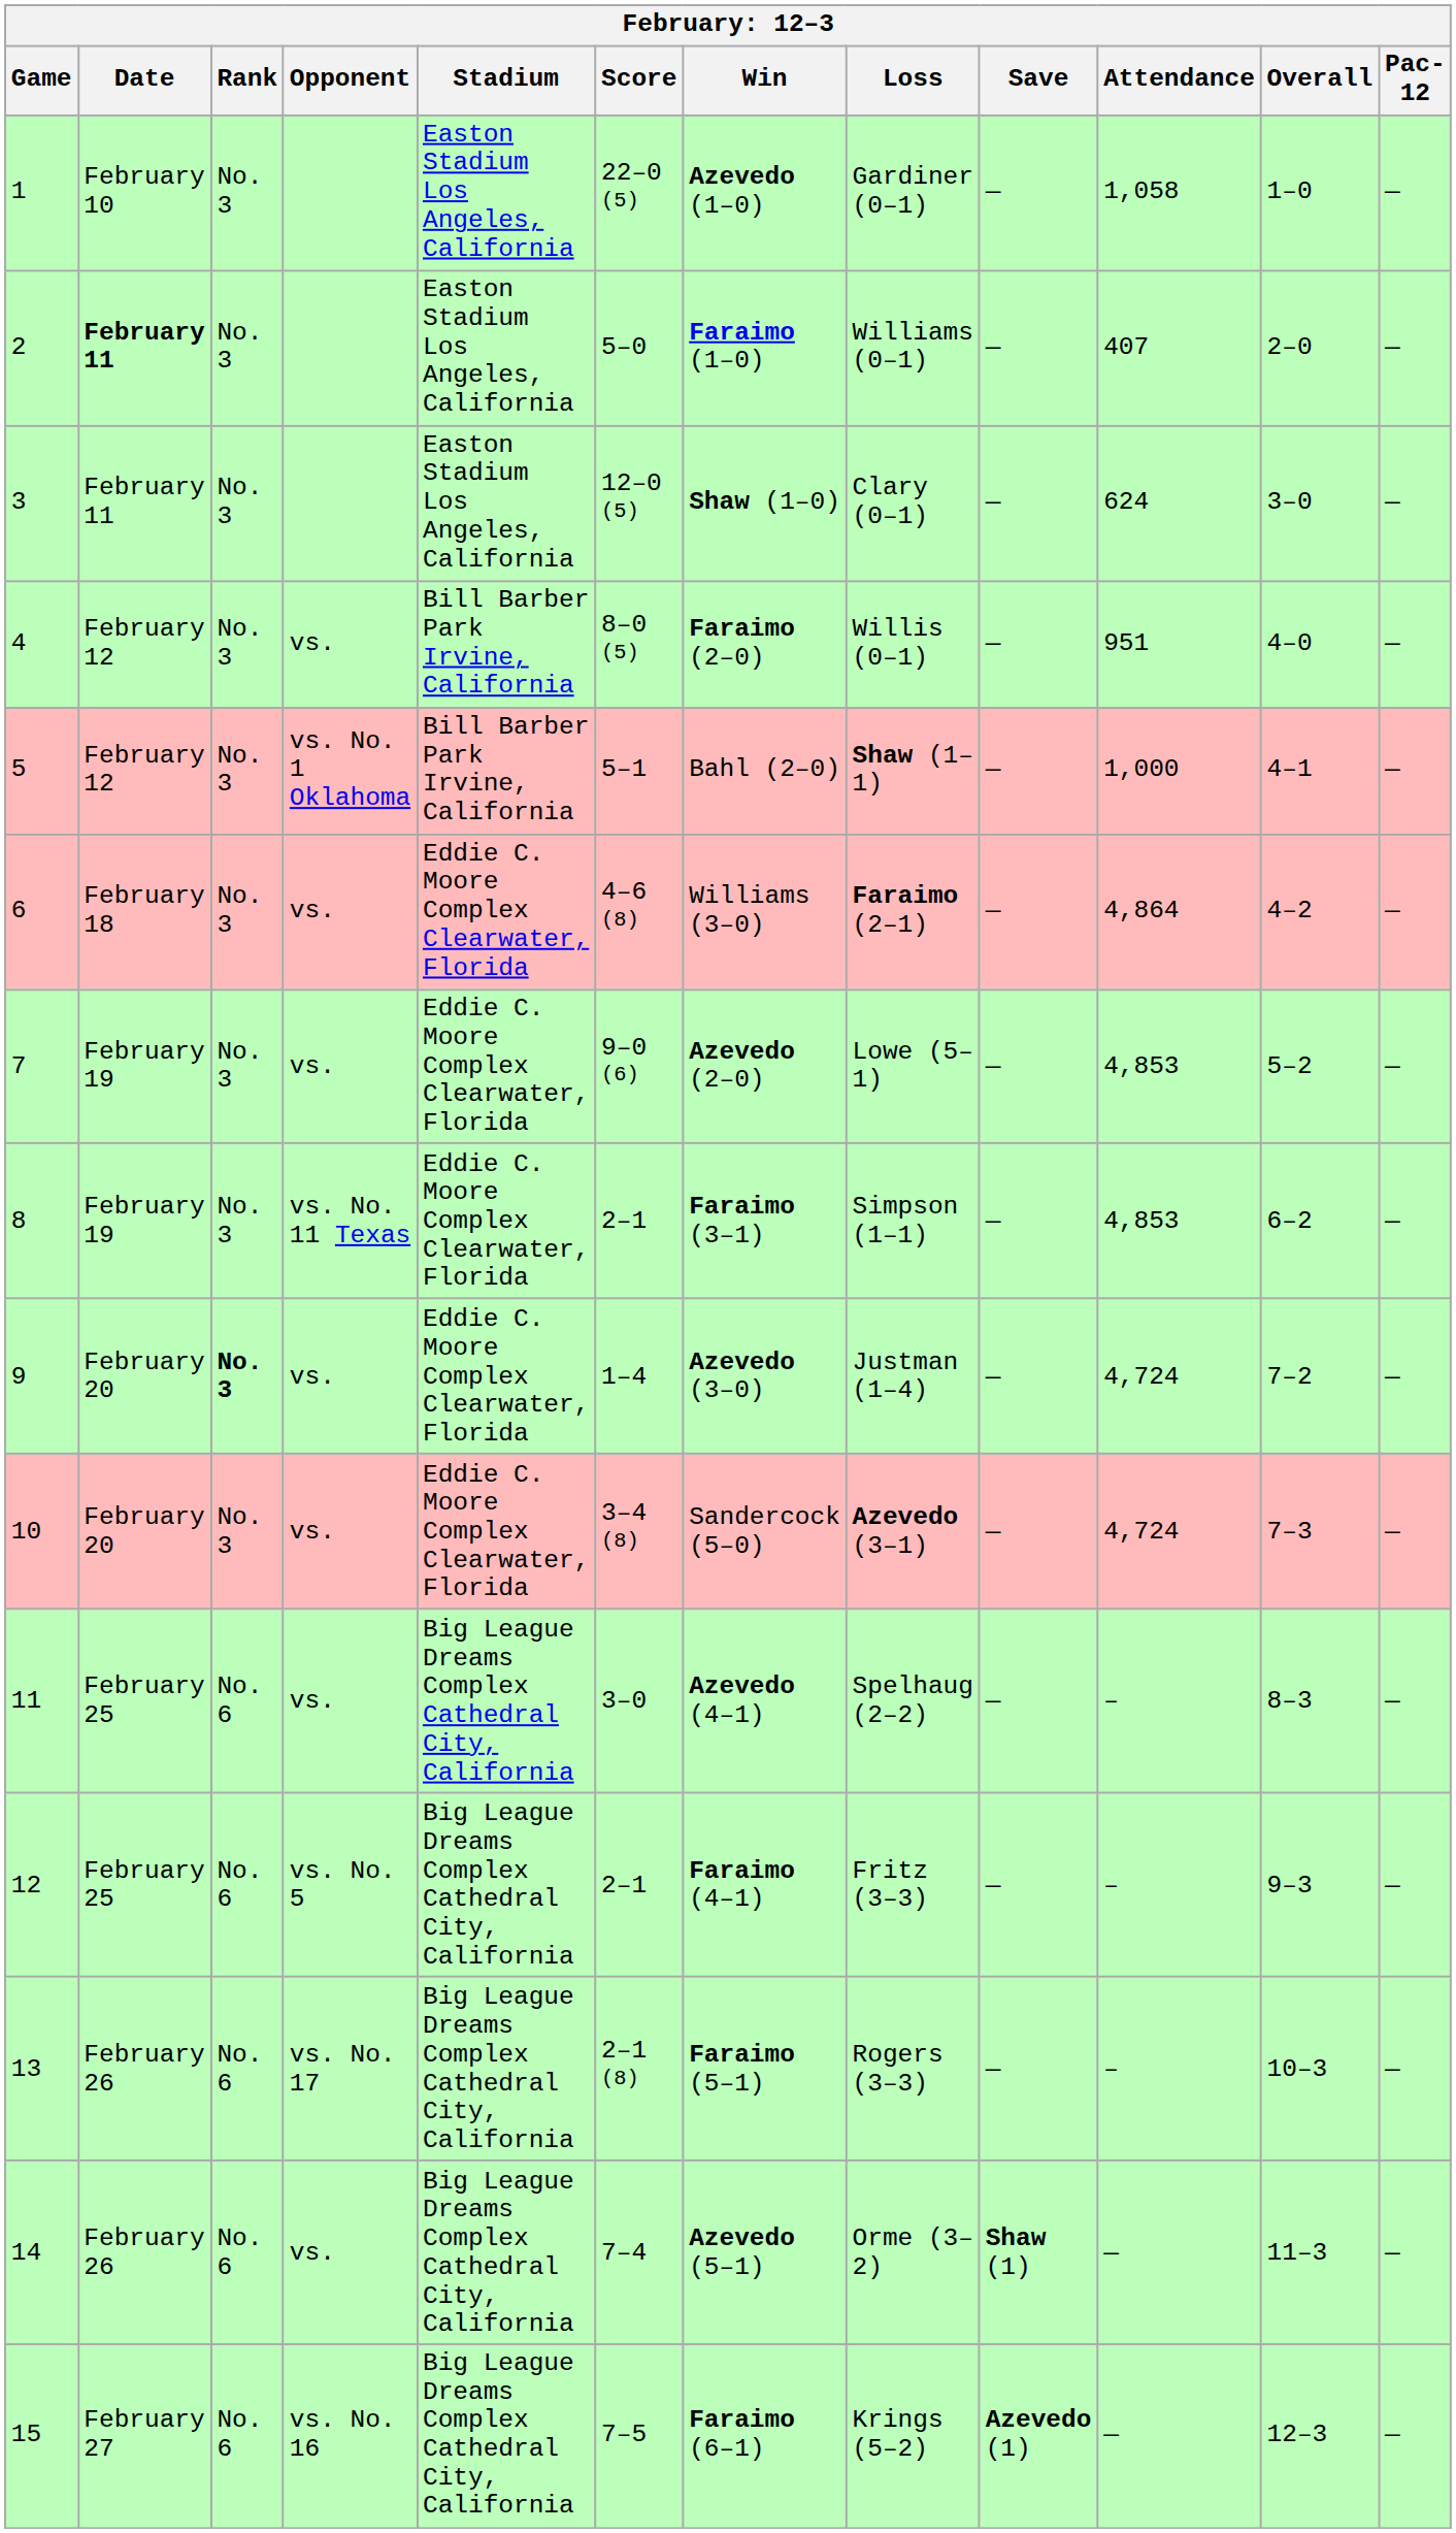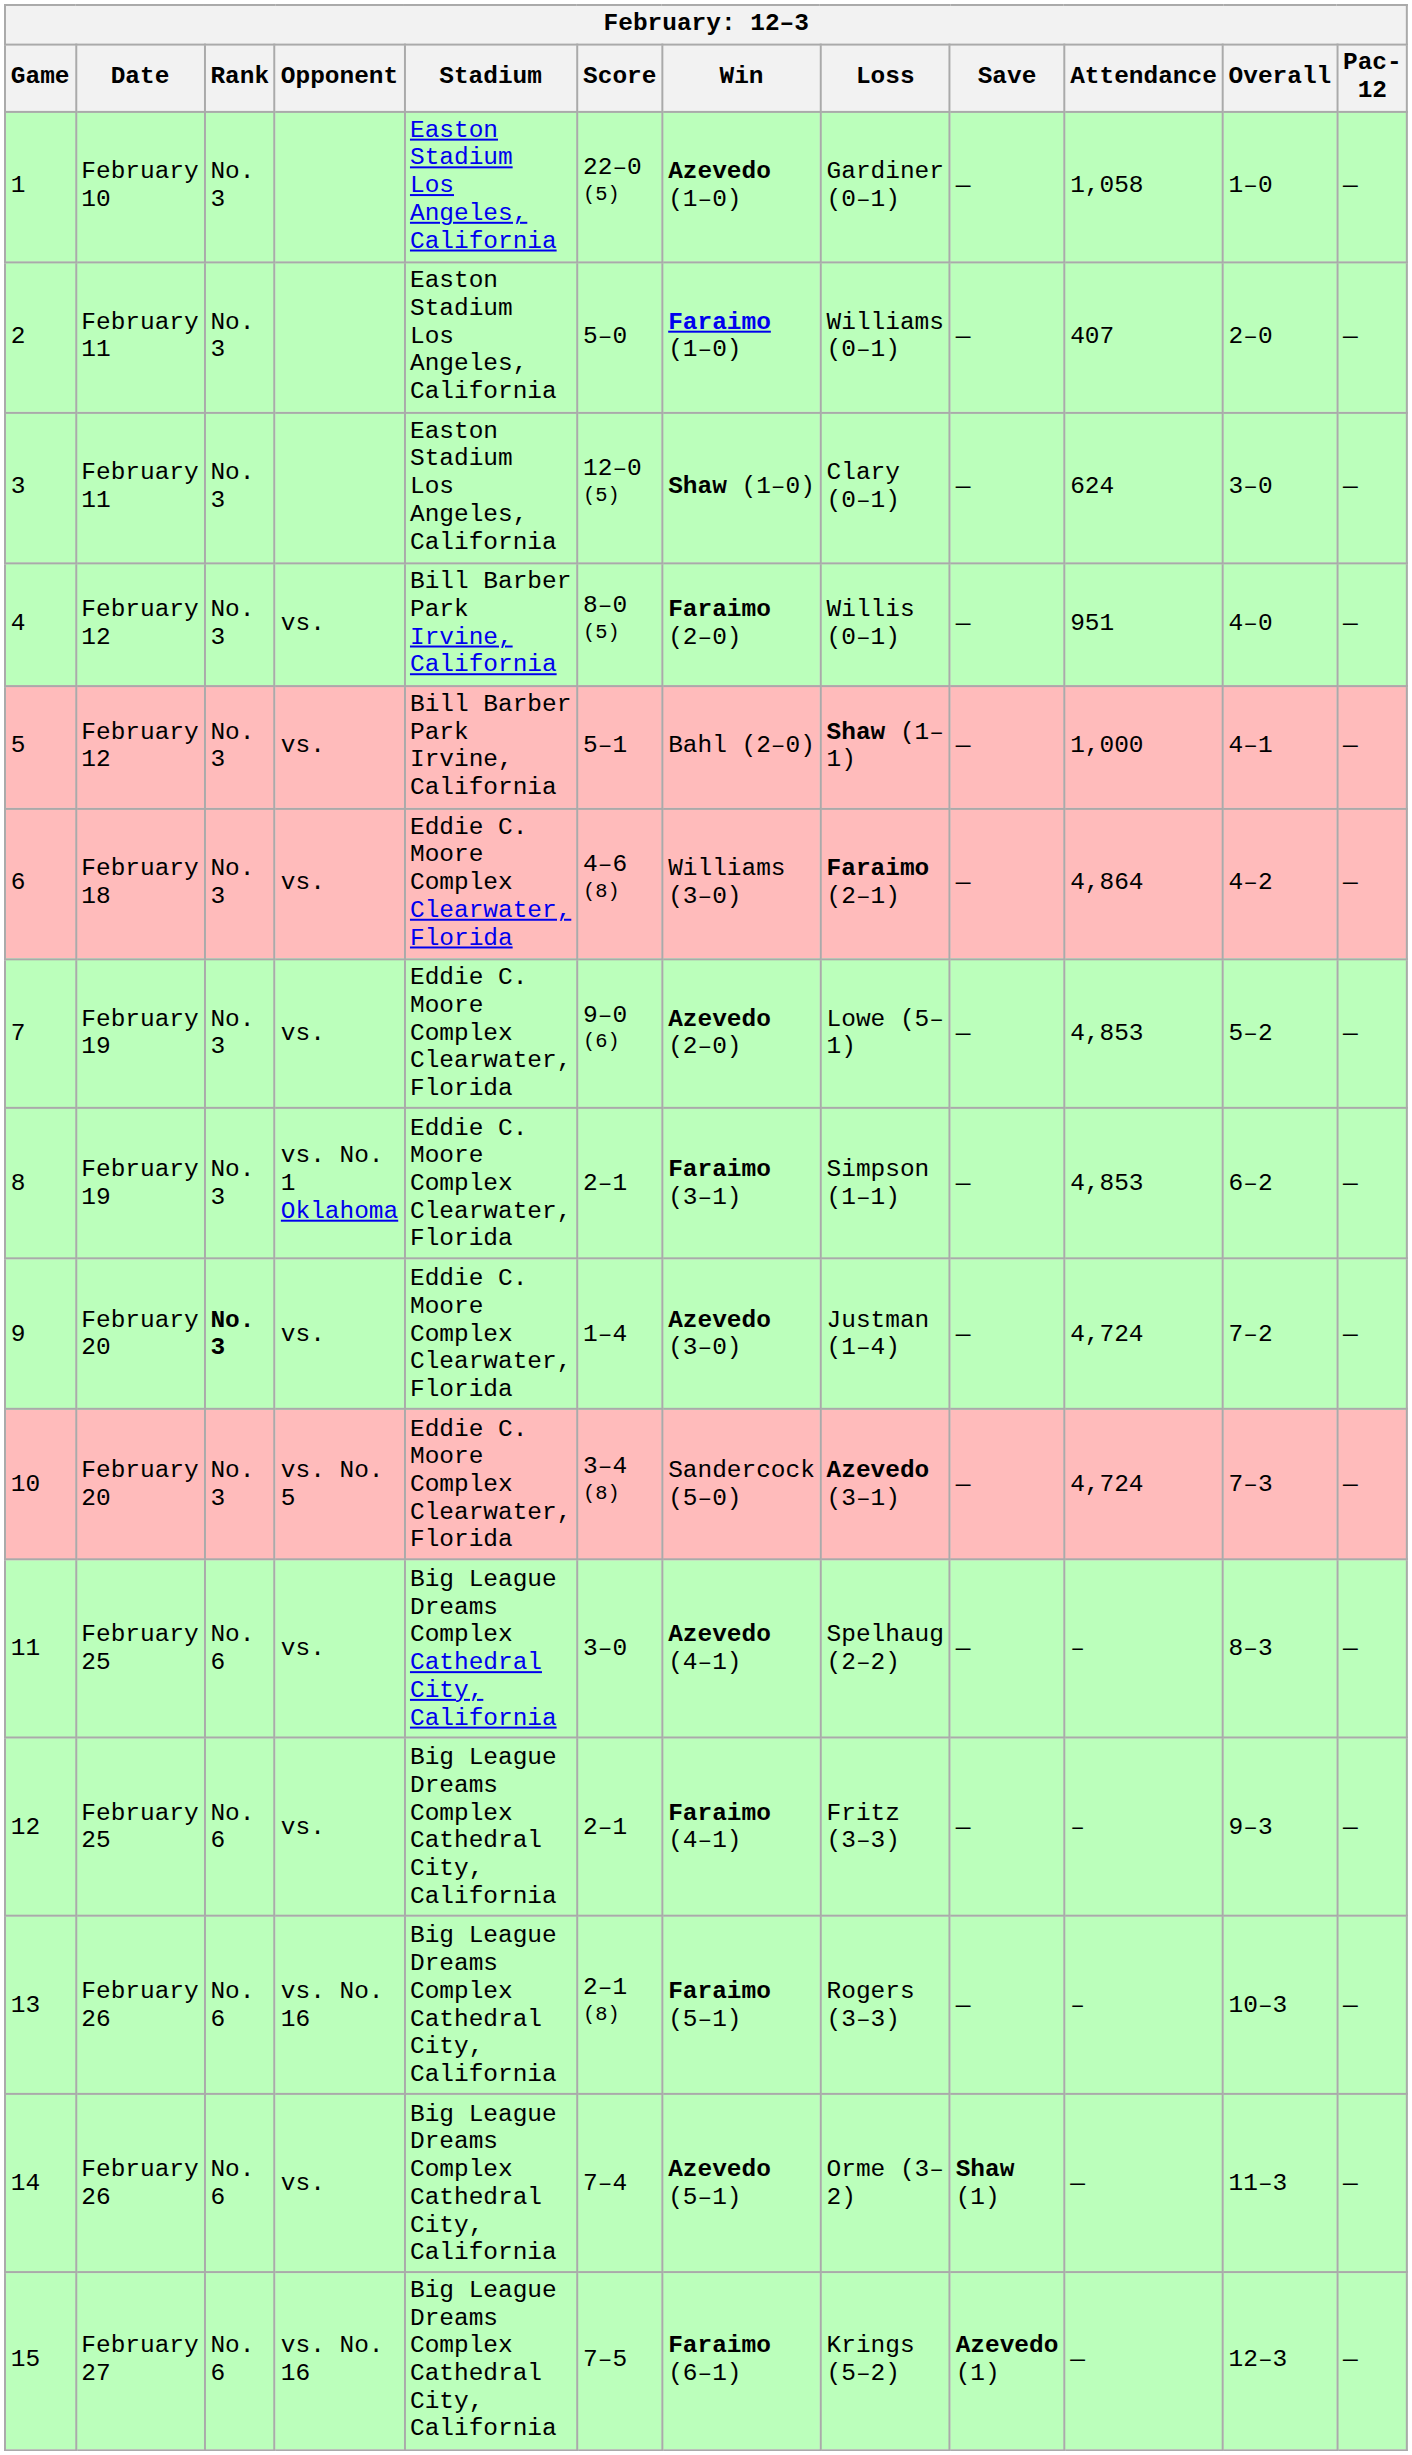 <table class="wikitable collapsible collapsed" style="margin:auto; font-size:95%; width:100%">
 <tr>
 <th colspan=12>February: 12–3</th>
 </tr>
 <tr>
 <th>Game</th>
 <th>Date</th>
 <th>Rank</th>
 <th>Opponent</th>
 <th>Stadium</th>
 <th>Score</th>
 <th>Win</th>
 <th>Loss</th>
 <th>Save</th>
 <th>Attendance</th>
 <th>Overall</th>
 <th>Pac-12</th>
 </tr>
 <tr style="background:#bfb;">
 <td>1</td>
 <td>February 10</td>
 <td>No. 3</td>
 <td></td>
 <td><a href='#'>Easton Stadium</a><br><a href='#'>Los Angeles, California</a></td>
 <td>22–0 <sup>(5)</sup></td>
 <td><strong>Azevedo</strong> (1–0)</td>
 <td>Gardiner (0–1)</td>
 <td>—</td>
 <td>1,058</td>
 <td>1–0</td>
 <td>—</td>
 </tr>
 <tr style="background:#bfb;">
 <td>2</td>
-<td><strong>February 11</strong></td>
+<td>February 11</td>
 <td>No. 3</td>
 <td></td>
 <td>Easton Stadium<br>Los Angeles, California</td>
 <td>5–0</td>
 <td><strong><a href='#'>Faraimo</a></strong> (1–0)</td>
 <td>Williams (0–1)</td>
 <td>—</td>
 <td>407</td>
 <td>2–0</td>
 <td>—</td>
 </tr>
 <tr style="background:#bfb;">
 <td>3</td>
 <td>February 11</td>
 <td>No. 3</td>
 <td></td>
 <td>Easton Stadium<br>Los Angeles, California</td>
 <td>12–0 <sup>(5)</sup></td>
 <td><strong>Shaw</strong> (1–0)</td>
 <td>Clary (0–1)</td>
 <td>—</td>
 <td>624</td>
 <td>3–0</td>
 <td>—</td>
 </tr>
 <tr style="background:#bfb;">
 <td>4</td>
 <td>February 12</td>
 <td>No. 3</td>
 <td>vs. </td>
 <td>Bill Barber Park<br><a href='#'>Irvine, California</a></td>
 <td>8–0 <sup>(5)</sup></td>
 <td><strong>Faraimo</strong> (2–0)</td>
 <td>Willis (0–1)</td>
 <td>—</td>
 <td>951</td>
 <td>4–0</td>
 <td>—</td>
 </tr>
 <tr style="background:#fbb;">
 <td>5</td>
 <td>February 12</td>
 <td>No. 3</td>
-<td>vs. No. 1 <a href='#'>Oklahoma</a></td>
+<td>vs. </td>
 <td>Bill Barber Park<br>Irvine, California</td>
 <td>5–1</td>
 <td>Bahl (2–0)</td>
 <td><strong>Shaw</strong> (1–1)</td>
 <td>—</td>
 <td>1,000</td>
 <td>4–1</td>
 <td>—</td>
 </tr>
 <tr style="background:#fbb;">
 <td>6</td>
 <td>February 18</td>
 <td>No. 3</td>
 <td>vs. </td>
 <td>Eddie C. Moore Complex<br><a href='#'>Clearwater, Florida</a></td>
 <td>4–6 <sup>(8)</sup></td>
 <td>Williams (3–0)</td>
 <td><strong>Faraimo</strong> (2–1)</td>
 <td>—</td>
 <td>4,864</td>
 <td>4–2</td>
 <td>—</td>
 </tr>
 <tr style="background:#bfb;">
 <td>7</td>
 <td>February 19</td>
 <td>No. 3</td>
 <td>vs. </td>
 <td>Eddie C. Moore Complex<br>Clearwater, Florida</td>
 <td>9–0 <sup>(6)</sup></td>
 <td><strong>Azevedo</strong> (2–0)</td>
 <td>Lowe (5–1)</td>
 <td>—</td>
 <td>4,853</td>
 <td>5–2</td>
 <td>—</td>
 </tr>
 <tr style="background:#bfb;">
 <td>8</td>
 <td>February 19</td>
 <td>No. 3</td>
-<td>vs. No. 11 <a href='#'>Texas</a></td>
+<td>vs. No. 1 <a href='#'>Oklahoma</a></td>
 <td>Eddie C. Moore Complex<br>Clearwater, Florida</td>
 <td>2–1</td>
 <td><strong>Faraimo</strong> (3–1)</td>
 <td>Simpson (1–1)</td>
 <td>—</td>
 <td>4,853</td>
 <td>6–2</td>
 <td>—</td>
 </tr>
 <tr style="background:#bfb;">
 <td>9</td>
 <td>February 20</td>
 <td><strong>No. 3</strong></td>
 <td>vs. </td>
 <td>Eddie C. Moore Complex<br>Clearwater, Florida</td>
 <td>1–4</td>
 <td><strong>Azevedo</strong> (3–0)</td>
 <td>Justman (1–4)</td>
 <td>—</td>
 <td>4,724</td>
 <td>7–2</td>
 <td>—</td>
 </tr>
 <tr style="background:#fbb;">
 <td>10</td>
 <td>February 20</td>
 <td>No. 3</td>
-<td>vs. </td>
+<td>vs. No. 5 </td>
 <td>Eddie C. Moore Complex<br>Clearwater, Florida</td>
 <td>3–4 <sup>(8)</sup></td>
 <td>Sandercock (5–0)</td>
 <td><strong>Azevedo</strong> (3–1)</td>
 <td>—</td>
 <td>4,724</td>
 <td>7–3</td>
 <td>—</td>
 </tr>
 <tr style="background:#bfb;">
 <td>11</td>
 <td>February 25</td>
 <td>No. 6</td>
 <td>vs. </td>
 <td>Big League Dreams Complex<br><a href='#'>Cathedral City, California</a></td>
 <td>3–0</td>
 <td><strong>Azevedo</strong> (4–1)</td>
 <td>Spelhaug (2–2)</td>
 <td>—</td>
 <td>–</td>
 <td>8–3</td>
 <td>—</td>
 </tr>
 <tr style="background:#bfb;">
 <td>12</td>
 <td>February 25</td>
 <td>No. 6</td>
-<td>vs. No. 5 </td>
+<td>vs. </td>
 <td>Big League Dreams Complex<br>Cathedral City, California</td>
 <td>2–1</td>
 <td><strong>Faraimo</strong> (4–1)</td>
 <td>Fritz (3–3)</td>
 <td>—</td>
 <td>–</td>
 <td>9–3</td>
 <td>—</td>
 </tr>
 <tr style="background:#bfb;">
 <td>13</td>
 <td>February 26</td>
 <td>No. 6</td>
-<td>vs. No. 17 </td>
+<td>vs. No. 16 </td>
 <td>Big League Dreams Complex<br>Cathedral City, California</td>
 <td>2–1 <sup>(8)</sup></td>
 <td><strong>Faraimo</strong> (5–1)</td>
 <td>Rogers (3–3)</td>
 <td>—</td>
 <td>–</td>
 <td>10–3</td>
 <td>—</td>
 </tr>
 <tr style="background:#bfb;">
 <td>14</td>
 <td>February 26</td>
 <td>No. 6</td>
 <td>vs. </td>
 <td>Big League Dreams Complex<br>Cathedral City, California</td>
 <td>7–4</td>
 <td><strong>Azevedo</strong> (5–1)</td>
 <td>Orme (3–2)</td>
 <td><strong>Shaw</strong> (1)</td>
 <td>—</td>
 <td>11–3</td>
 <td>—</td>
 </tr>
 <tr style="background:#bfb;">
 <td>15</td>
 <td>February 27</td>
 <td>No. 6</td>
 <td>vs. No. 16 </td>
 <td>Big League Dreams Complex<br>Cathedral City, California</td>
 <td>7–5</td>
 <td><strong>Faraimo</strong> (6–1)</td>
 <td>Krings (5–2)</td>
 <td><strong>Azevedo</strong> (1)</td>
 <td>—</td>
 <td>12–3</td>
 <td>—</td>
 </tr>
 </table>
